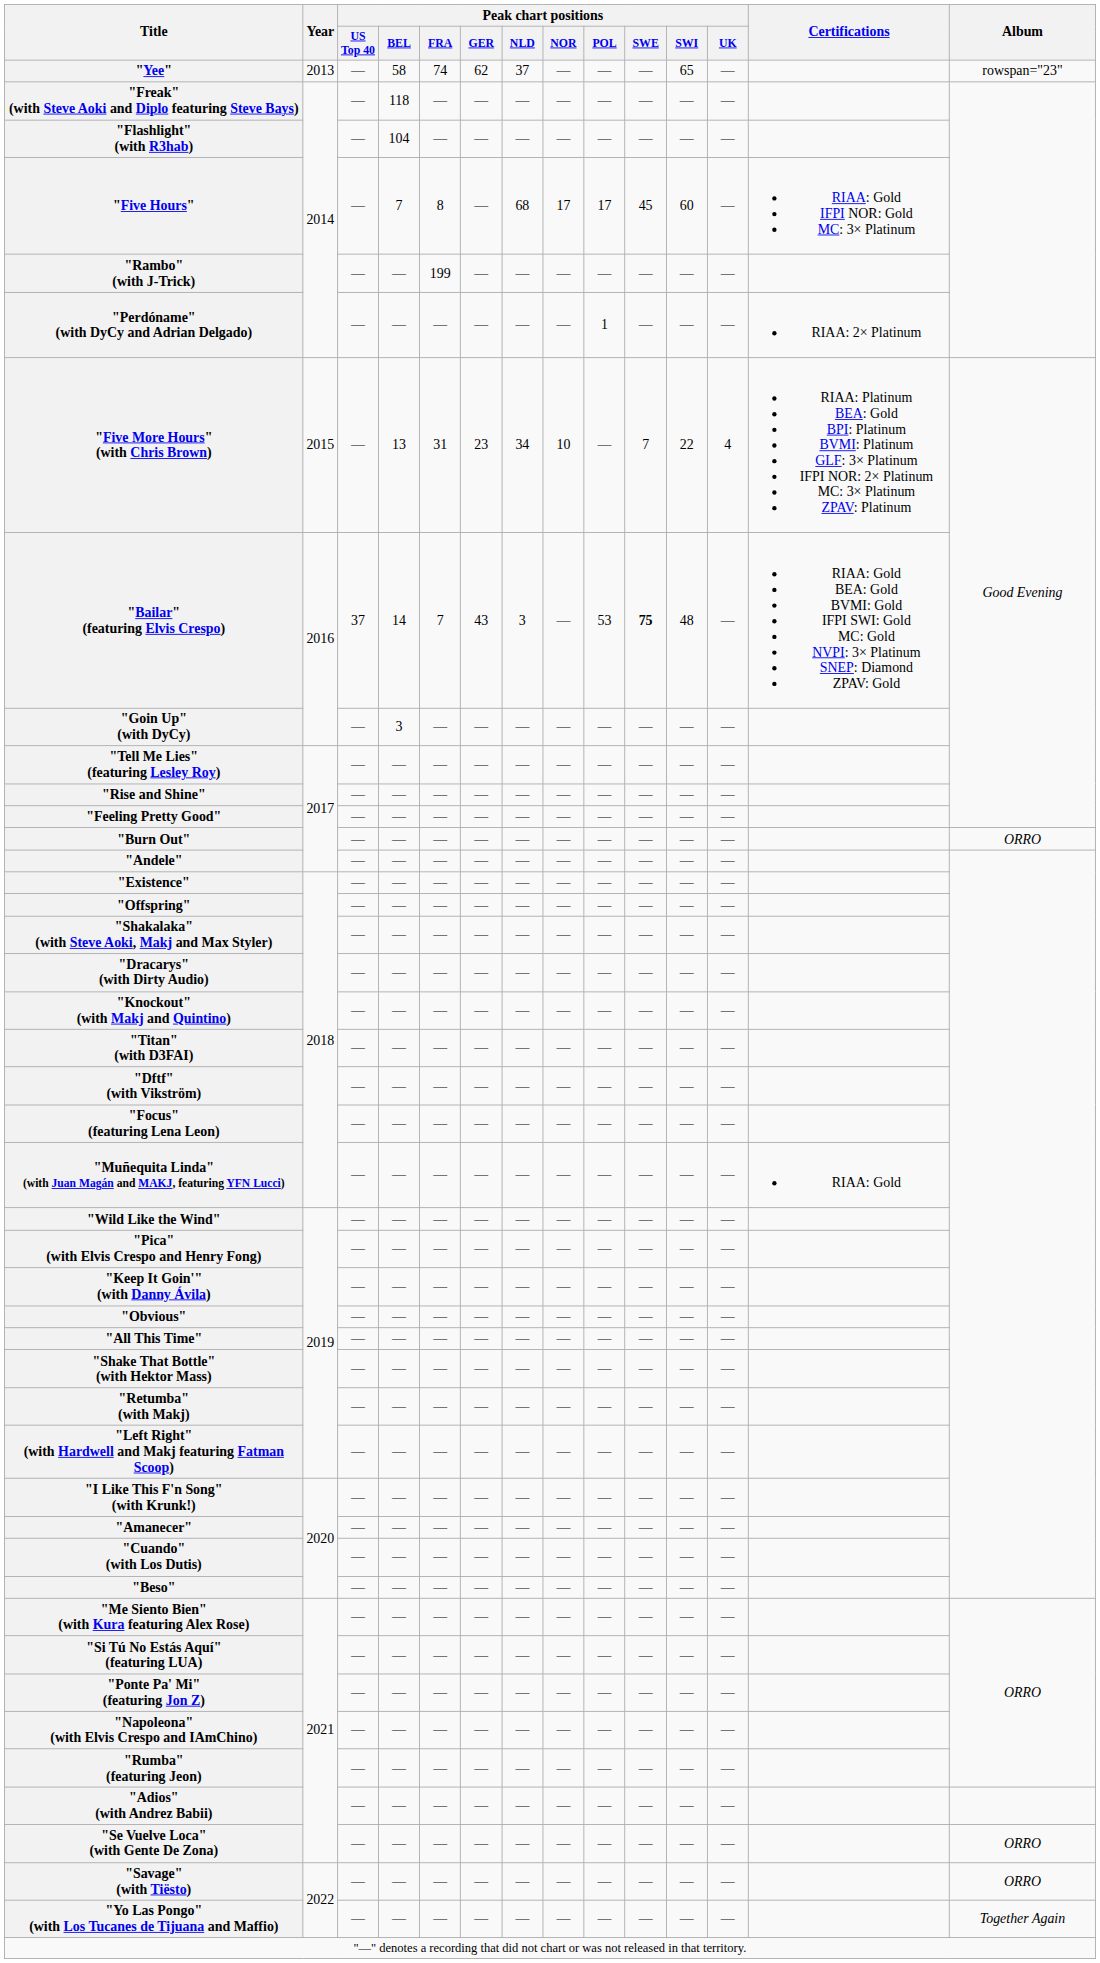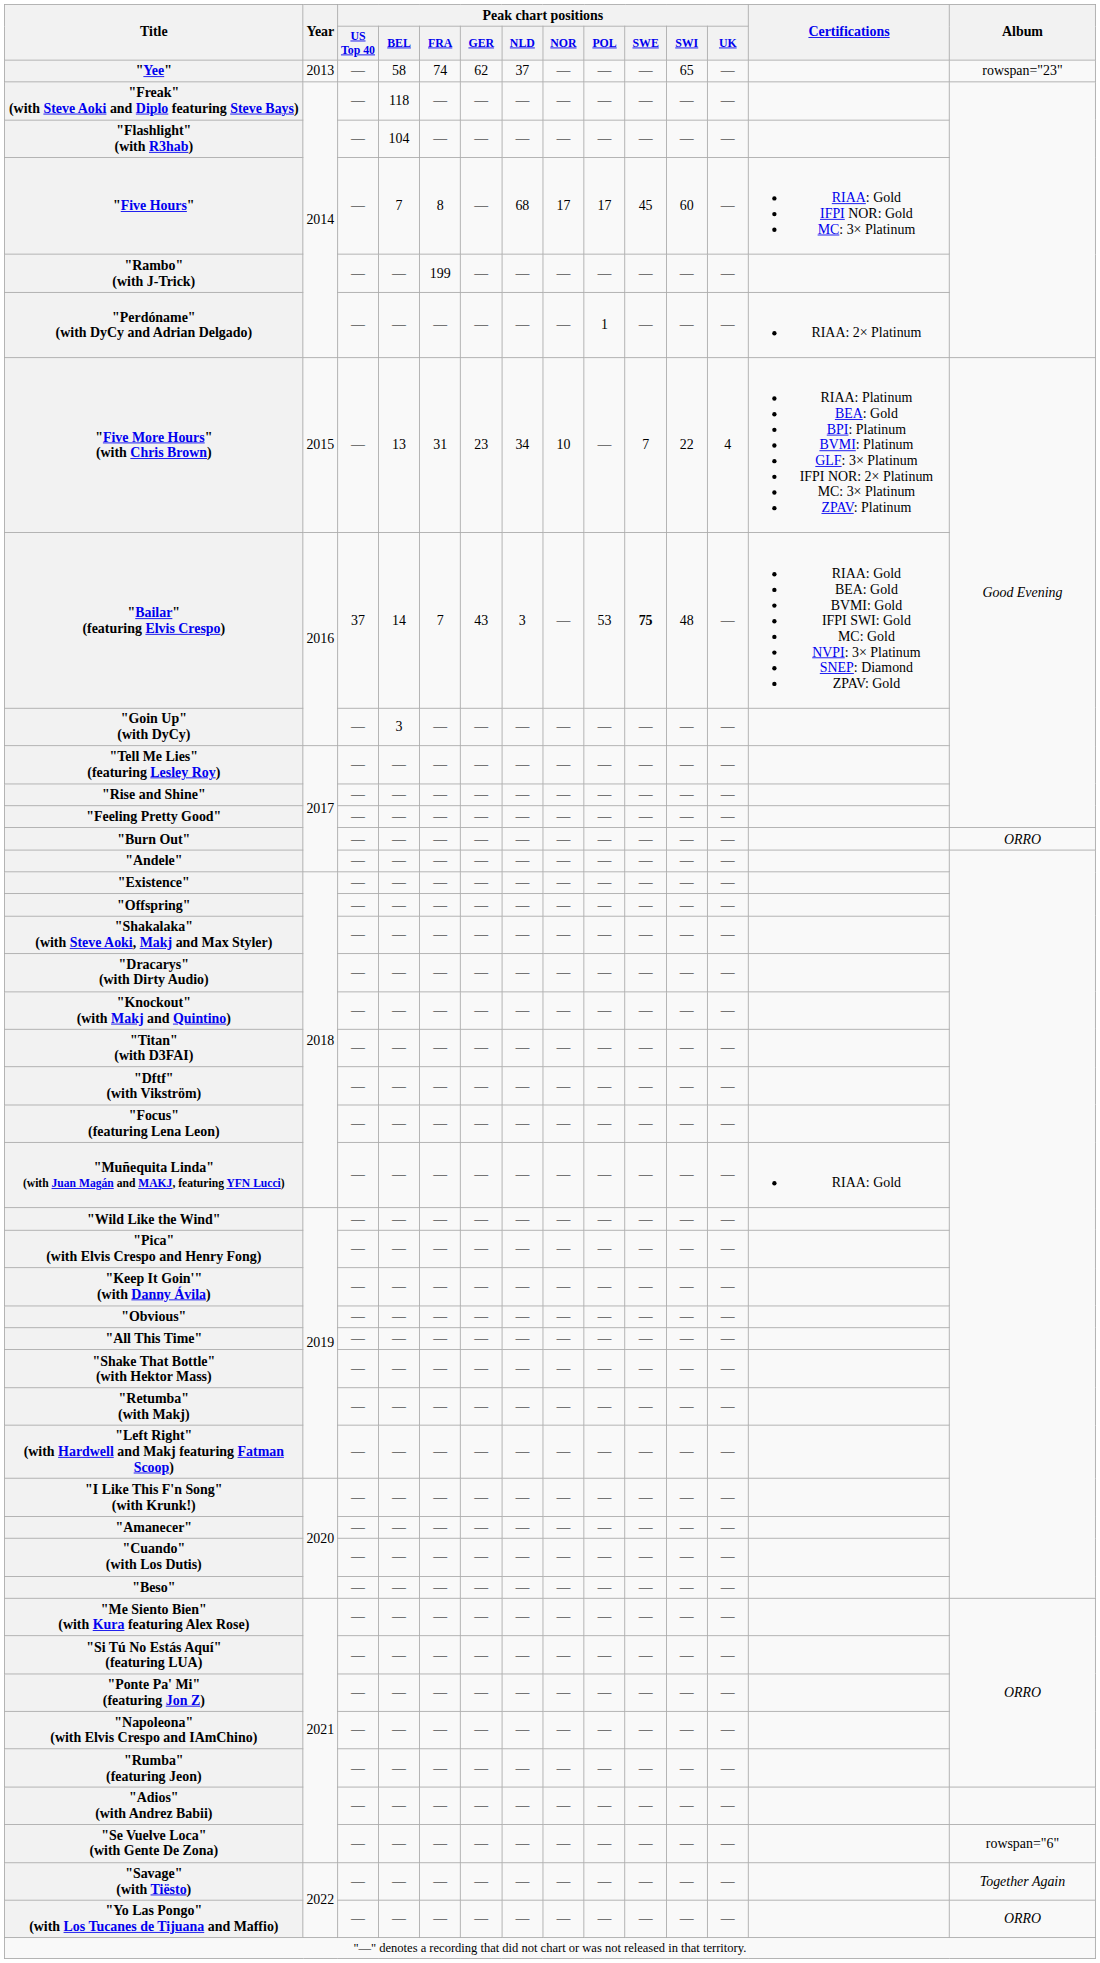 <table class="wikitable plainrowheaders" style="text-align:center;" border="1">
 <tr>
 <th scope="col" rowspan="2" style="width:21em;">Title</th>
 <th scope="col" rowspan="2" style="width:2em;">Year</th>
 <th scope="col" colspan="10">Peak chart positions</th>
 <th scope="col" rowspan="2" style="width:14em;"><a href='#'>Certifications</a></th>
 <th scope="col" rowspan="2" style="width:10em;">Album</th>
 </tr>
 <tr>
 <th scope="col" style="width:3em;font-size:85%;"><a href='#'>US<br>Top 40</a><br></th>
 <th scope="col" style="width:3em;font-size:85%;"><a href='#'>BEL</a><br></th>
 <th scope="col" style="width:3em;font-size:85%;"><a href='#'>FRA</a><br></th>
 <th scope="col" style="width:3em;font-size:85%;"><a href='#'>GER</a><br></th>
 <th scope="col" style="width:3em;font-size:85%;"><a href='#'>NLD</a><br></th>
 <th scope="col" style="width:3em;font-size:85%;"><a href='#'>NOR</a><br></th>
 <th scope="col" style="width:3em;font-size:85%;"><a href='#'>POL</a><br></th>
 <th scope="col" style="width:3em;font-size:85%;"><a href='#'>SWE</a><br></th>
 <th scope="col" style="width:3em;font-size:85%;"><a href='#'>SWI</a><br></th>
 <th scope="col" style="width:3em;font-size:85%;"><a href='#'>UK</a><br></th>
 </tr>
 <tr>
 <th scope="row">"<a href='#'>Yee</a>"</th>
 <td>2013</td>
 <td>—</td>
 <td>58</td>
 <td>74</td>
 <td>62</td>
 <td>37</td>
 <td>—</td>
 <td>—</td>
 <td>—</td>
 <td>65</td>
 <td>—</td>
 <td></td>
 <td>rowspan="23" </td>
 </tr>
 <tr>
 <th scope="row">"Freak"<br><span>(with <a href='#'>Steve Aoki</a> and <a href='#'>Diplo</a> featuring <a href='#'>Steve Bays</a>)</span></th>
 <td rowspan="5">2014</td>
 <td>—</td>
 <td>118</td>
 <td>—</td>
 <td>—</td>
 <td>—</td>
 <td>—</td>
 <td>—</td>
 <td>—</td>
 <td>—</td>
 <td>—</td>
 <td></td>
 </tr>
 <tr>
 <th scope="row">"Flashlight"<br><span>(with <a href='#'>R3hab</a>)</span></th>
 <td>—</td>
 <td>104</td>
 <td>—</td>
 <td>—</td>
 <td>—</td>
 <td>—</td>
 <td>—</td>
 <td>—</td>
 <td>—</td>
 <td>—</td>
 <td></td>
 </tr>
 <tr>
 <th scope="row">"<a href='#'>Five Hours</a>"</th>
 <td>—</td>
 <td>7</td>
 <td>8</td>
 <td>—</td>
 <td>68</td>
 <td>17</td>
 <td>17</td>
 <td>45</td>
 <td>60</td>
 <td>—</td>
 <td><br><ul><li><a href='#'>RIAA</a>: Gold</li><li><a href='#'>IFPI</a> NOR: Gold</li><li><a href='#'>MC</a>: 3× Platinum</li></ul></td>
 </tr>
 <tr>
 <th scope="row">"Rambo"<br><span>(with J-Trick)</span></th>
 <td>—</td>
 <td>—</td>
 <td>199</td>
 <td>—</td>
 <td>—</td>
 <td>—</td>
 <td>—</td>
 <td>—</td>
 <td>—</td>
 <td>—</td>
 <td></td>
 </tr>
 <tr>
 <th scope="row">"Perdóname"<br><span>(with DyCy and Adrian Delgado)</span></th>
 <td>—</td>
 <td>—</td>
 <td>—</td>
 <td>—</td>
 <td>—</td>
 <td>—</td>
 <td>1</td>
 <td>—</td>
 <td>—</td>
 <td>—</td>
 <td><br><ul><li>RIAA: 2× Platinum </li></ul></td>
 </tr>
 <tr>
 <th scope="row">"<a href='#'>Five More Hours</a>"<br><span>(with <a href='#'>Chris Brown</a>)</span></th>
 <td>2015</td>
 <td>—</td>
 <td>13</td>
 <td>31</td>
 <td>23</td>
 <td>34</td>
 <td>10</td>
 <td>—</td>
 <td>7</td>
 <td>22</td>
 <td>4</td>
 <td><br><ul><li>RIAA: Platinum</li><li><a href='#'>BEA</a>: Gold</li><li><a href='#'>BPI</a>: Platinum</li><li><a href='#'>BVMI</a>: Platinum</li><li><a href='#'>GLF</a>: 3× Platinum</li><li>IFPI NOR: 2× Platinum</li><li>MC: 3× Platinum</li><li><a href='#'>ZPAV</a>: Platinum</li></ul></td>
 <td rowspan="6"><em>Good Evening</em></td>
 </tr>
 <tr>
 <th scope="row">"<a href='#'>Bailar</a>"<br><span>(featuring <a href='#'>Elvis Crespo</a>)</span></th>
 <td rowspan="2">2016</td>
 <td>37</td>
 <td>14</td>
 <td>7</td>
 <td>43</td>
 <td>3</td>
 <td>—</td>
 <td>53</td>
 <td><strong>75</strong></td>
 <td>48</td>
 <td>—</td>
 <td><br><ul><li>RIAA: Gold</li><li>BEA: Gold</li><li>BVMI: Gold</li><li>IFPI SWI: Gold</li><li>MC: Gold</li><li><a href='#'>NVPI</a>: 3× Platinum</li><li><a href='#'>SNEP</a>: Diamond</li><li>ZPAV: Gold</li></ul></td>
 </tr>
 <tr>
 <th scope="row">"Goin Up"<br><span>(with DyCy)</span></th>
 <td>—</td>
 <td>3</td>
 <td>—</td>
 <td>—</td>
 <td>—</td>
 <td>—</td>
 <td>—</td>
 <td>—</td>
 <td>—</td>
 <td>—</td>
 <td></td>
 </tr>
 <tr>
 <th scope="row">"Tell Me Lies"<br><span>(featuring <a href='#'>Lesley Roy</a>)</span></th>
 <td rowspan="5">2017</td>
 <td>—</td>
 <td>—</td>
 <td>—</td>
 <td>—</td>
 <td>—</td>
 <td>—</td>
 <td>—</td>
 <td>—</td>
 <td>—</td>
 <td>—</td>
 <td></td>
 </tr>
 <tr>
 <th scope="row">"Rise and Shine"</th>
 <td>—</td>
 <td>—</td>
 <td>—</td>
 <td>—</td>
 <td>—</td>
 <td>—</td>
 <td>—</td>
 <td>—</td>
 <td>—</td>
 <td>—</td>
 <td></td>
 </tr>
 <tr>
 <th scope="row">"Feeling Pretty Good"</th>
 <td>—</td>
 <td>—</td>
 <td>—</td>
 <td>—</td>
 <td>—</td>
 <td>—</td>
 <td>—</td>
 <td>—</td>
 <td>—</td>
 <td>—</td>
 <td></td>
 </tr>
 <tr>
 <th scope="row">"Burn Out"</th>
 <td>—</td>
 <td>—</td>
 <td>—</td>
 <td>—</td>
 <td>—</td>
 <td>—</td>
 <td>—</td>
 <td>—</td>
 <td>—</td>
 <td>—</td>
 <td></td>
 <td><em>ORRO</em></td>
 </tr>
 <tr>
 <th scope="row">"Andele"</th>
 <td>—</td>
 <td>—</td>
 <td>—</td>
 <td>—</td>
 <td>—</td>
 <td>—</td>
 <td>—</td>
 <td>—</td>
 <td>—</td>
 <td>—</td>
 <td></td>
 </tr>
 <tr>
 <th scope="row">"Existence"</th>
 <td rowspan="9">2018</td>
 <td>—</td>
 <td>—</td>
 <td>—</td>
 <td>—</td>
 <td>—</td>
 <td>—</td>
 <td>—</td>
 <td>—</td>
 <td>—</td>
 <td>—</td>
 <td></td>
 </tr>
 <tr>
 <th scope="row">"Offspring"</th>
 <td>—</td>
 <td>—</td>
 <td>—</td>
 <td>—</td>
 <td>—</td>
 <td>—</td>
 <td>—</td>
 <td>—</td>
 <td>—</td>
 <td>—</td>
 <td></td>
 </tr>
 <tr>
 <th scope="row">"Shakalaka" <br><span>(with <a href='#'>Steve Aoki</a>, <a href='#'>Makj</a> and Max Styler)</span></th>
 <td>—</td>
 <td>—</td>
 <td>—</td>
 <td>—</td>
 <td>—</td>
 <td>—</td>
 <td>—</td>
 <td>—</td>
 <td>—</td>
 <td>—</td>
 <td></td>
 </tr>
 <tr>
 <th scope="row">"Dracarys" <br><span>(with Dirty Audio)</span></th>
 <td>—</td>
 <td>—</td>
 <td>—</td>
 <td>—</td>
 <td>—</td>
 <td>—</td>
 <td>—</td>
 <td>—</td>
 <td>—</td>
 <td>—</td>
 <td></td>
 </tr>
 <tr>
 <th scope="row">"Knockout" <br><span>(with <a href='#'>Makj</a> and <a href='#'>Quintino</a>)</span></th>
 <td>—</td>
 <td>—</td>
 <td>—</td>
 <td>—</td>
 <td>—</td>
 <td>—</td>
 <td>—</td>
 <td>—</td>
 <td>—</td>
 <td>—</td>
 <td></td>
 </tr>
 <tr>
 <th scope="row">"Titan" <br><span>(with D3FAI)</span></th>
 <td>—</td>
 <td>—</td>
 <td>—</td>
 <td>—</td>
 <td>—</td>
 <td>—</td>
 <td>—</td>
 <td>—</td>
 <td>—</td>
 <td>—</td>
 <td></td>
 </tr>
 <tr>
 <th scope="row">"Dftf" <br><span>(with Vikström)</span></th>
 <td>—</td>
 <td>—</td>
 <td>—</td>
 <td>—</td>
 <td>—</td>
 <td>—</td>
 <td>—</td>
 <td>—</td>
 <td>—</td>
 <td>—</td>
 <td></td>
 </tr>
 <tr>
 <th scope="row">"Focus" <br><span>(featuring Lena Leon)</span></th>
 <td>—</td>
 <td>—</td>
 <td>—</td>
 <td>—</td>
 <td>—</td>
 <td>—</td>
 <td>—</td>
 <td>—</td>
 <td>—</td>
 <td>—</td>
 <td></td>
 </tr>
 <tr>
 <th scope="row">"Muñequita Linda"<br><small>(with <a href='#'>Juan Magán</a> and <a href='#'>MAKJ</a>, featuring <a href='#'>YFN Lucci</a>)</small></th>
 <td>—</td>
 <td>—</td>
 <td>—</td>
 <td>—</td>
 <td>—</td>
 <td>—</td>
 <td>—</td>
 <td>—</td>
 <td>—</td>
 <td>—</td>
 <td><br><ul><li>RIAA: Gold </li></ul></td>
 </tr>
 <tr>
 <th scope="row">"Wild Like the Wind"</th>
 <td rowspan="8">2019</td>
 <td>—</td>
 <td>—</td>
 <td>—</td>
 <td>—</td>
 <td>—</td>
 <td>—</td>
 <td>—</td>
 <td>—</td>
 <td>—</td>
 <td>—</td>
 <td></td>
 </tr>
 <tr>
 <th scope="row">"Pica" <br><span>(with Elvis Crespo and Henry Fong)</span></th>
 <td>—</td>
 <td>—</td>
 <td>—</td>
 <td>—</td>
 <td>—</td>
 <td>—</td>
 <td>—</td>
 <td>—</td>
 <td>—</td>
 <td>—</td>
 <td></td>
 </tr>
 <tr>
 <th scope="row">"Keep It Goin'" <br><span>(with <a href='#'>Danny Ávila</a>)</span></th>
 <td>—</td>
 <td>—</td>
 <td>—</td>
 <td>—</td>
 <td>—</td>
 <td>—</td>
 <td>—</td>
 <td>—</td>
 <td>—</td>
 <td>—</td>
 <td></td>
 </tr>
 <tr>
 <th scope="row">"Obvious"</th>
 <td>—</td>
 <td>—</td>
 <td>—</td>
 <td>—</td>
 <td>—</td>
 <td>—</td>
 <td>—</td>
 <td>—</td>
 <td>—</td>
 <td>—</td>
 <td></td>
 </tr>
 <tr>
 <th scope="row">"All This Time"</th>
 <td>—</td>
 <td>—</td>
 <td>—</td>
 <td>—</td>
 <td>—</td>
 <td>—</td>
 <td>—</td>
 <td>—</td>
 <td>—</td>
 <td>—</td>
 <td></td>
 </tr>
 <tr>
 <th scope="row">"Shake That Bottle" <br><span>(with Hektor Mass)</span></th>
 <td>—</td>
 <td>—</td>
 <td>—</td>
 <td>—</td>
 <td>—</td>
 <td>—</td>
 <td>—</td>
 <td>—</td>
 <td>—</td>
 <td>—</td>
 <td></td>
 </tr>
 <tr>
 <th scope="row">"Retumba" <br><span>(with Makj)</span></th>
 <td>—</td>
 <td>—</td>
 <td>—</td>
 <td>—</td>
 <td>—</td>
 <td>—</td>
 <td>—</td>
 <td>—</td>
 <td>—</td>
 <td>—</td>
 <td></td>
 </tr>
 <tr>
 <th scope="row">"Left Right" <br><span>(with <a href='#'>Hardwell</a> and Makj featuring <a href='#'>Fatman Scoop</a>)</span></th>
 <td>—</td>
 <td>—</td>
 <td>—</td>
 <td>—</td>
 <td>—</td>
 <td>—</td>
 <td>—</td>
 <td>—</td>
 <td>—</td>
 <td>—</td>
 <td></td>
 </tr>
 <tr>
 <th scope="row">"I Like This F'n Song" <br><span>(with Krunk!)</span></th>
 <td rowspan="4">2020</td>
 <td>—</td>
 <td>—</td>
 <td>—</td>
 <td>—</td>
 <td>—</td>
 <td>—</td>
 <td>—</td>
 <td>—</td>
 <td>—</td>
 <td>—</td>
 <td></td>
 </tr>
 <tr>
 <th scope="row">"Amanecer"</th>
 <td>—</td>
 <td>—</td>
 <td>—</td>
 <td>—</td>
 <td>—</td>
 <td>—</td>
 <td>—</td>
 <td>—</td>
 <td>—</td>
 <td>—</td>
 <td></td>
 </tr>
 <tr>
 <th scope="row">"Cuando"<br><span>(with Los Dutis)</span></th>
 <td>—</td>
 <td>—</td>
 <td>—</td>
 <td>—</td>
 <td>—</td>
 <td>—</td>
 <td>—</td>
 <td>—</td>
 <td>—</td>
 <td>—</td>
 <td></td>
 </tr>
 <tr>
 <th scope="row">"Beso"</th>
 <td>—</td>
 <td>—</td>
 <td>—</td>
 <td>—</td>
 <td>—</td>
 <td>—</td>
 <td>—</td>
 <td>—</td>
 <td>—</td>
 <td>—</td>
 <td></td>
 </tr>
 <tr>
 <th scope="row">"Me Siento Bien" <br><span>(with <a href='#'>Kura</a> featuring Alex Rose)</span></th>
 <td rowspan="7">2021</td>
 <td>—</td>
 <td>—</td>
 <td>—</td>
 <td>—</td>
 <td>—</td>
 <td>—</td>
 <td>—</td>
 <td>—</td>
 <td>—</td>
 <td>—</td>
 <td></td>
 <td rowspan="5"><em>ORRO</em></td>
 </tr>
 <tr>
 <th scope="row">"Si Tú No Estás Aquí" <br><span>(featuring LUA)</span></th>
 <td>—</td>
 <td>—</td>
 <td>—</td>
 <td>—</td>
 <td>—</td>
 <td>—</td>
 <td>—</td>
 <td>—</td>
 <td>—</td>
 <td>—</td>
 <td></td>
 </tr>
 <tr>
 <th scope="row">"Ponte Pa' Mi" <br><span>(featuring <a href='#'>Jon Z</a>)</span></th>
 <td>—</td>
 <td>—</td>
 <td>—</td>
 <td>—</td>
 <td>—</td>
 <td>—</td>
 <td>—</td>
 <td>—</td>
 <td>—</td>
 <td>—</td>
 <td></td>
 </tr>
 <tr>
 <th scope="row">"Napoleona" <br><span>(with Elvis Crespo and IAmChino)</span></th>
 <td>—</td>
 <td>—</td>
 <td>—</td>
 <td>—</td>
 <td>—</td>
 <td>—</td>
 <td>—</td>
 <td>—</td>
 <td>—</td>
 <td>—</td>
 <td></td>
 </tr>
 <tr>
 <th scope="row">"Rumba" <br><span>(featuring Jeon)</span></th>
 <td>—</td>
 <td>—</td>
 <td>—</td>
 <td>—</td>
 <td>—</td>
 <td>—</td>
 <td>—</td>
 <td>—</td>
 <td>—</td>
 <td>—</td>
 <td></td>
 </tr>
 <tr>
 <th scope="row">"Adios" <br><span>(with Andrez Babii)</span></th>
 <td>—</td>
 <td>—</td>
 <td>—</td>
 <td>—</td>
 <td>—</td>
 <td>—</td>
 <td>—</td>
 <td>—</td>
 <td>—</td>
 <td>—</td>
 <td></td>
 <td></td>
 </tr>
 <tr>
 <th scope="row">"Se Vuelve Loca" <br><span>(with Gente De Zona)</span></th>
 <td>—</td>
 <td>—</td>
 <td>—</td>
 <td>—</td>
 <td>—</td>
 <td>—</td>
 <td>—</td>
 <td>—</td>
 <td>—</td>
 <td>—</td>
 <td></td>
-<td><em>ORRO</em></td>
+<td>rowspan="6" </td>
 </tr>
 <tr>
 <th scope="row">"Savage" <br><span>(with <a href='#'>Tiësto</a>)</span></th>
 <td rowspan="2">2022</td>
 <td>—</td>
 <td>—</td>
 <td>—</td>
 <td>—</td>
 <td>—</td>
 <td>—</td>
 <td>—</td>
 <td>—</td>
 <td>—</td>
 <td>—</td>
 <td></td>
-<td><em>ORRO</em></td>
+<td><em>Together Again</em></td>
 </tr>
 <tr>
 <th scope="row">"Yo Las Pongo" <br><span>(with <a href='#'>Los Tucanes de Tijuana</a> and Maffio)</span></th>
 <td>—</td>
 <td>—</td>
 <td>—</td>
 <td>—</td>
 <td>—</td>
 <td>—</td>
 <td>—</td>
 <td>—</td>
 <td>—</td>
 <td>—</td>
 <td></td>
-<td><em>Together Again</em></td>
+<td><em>ORRO</em></td>
 </tr>
 <tr>
 <td colspan="16" style="font-size:90%">"—" denotes a recording that did not chart or was not released in that territory.</td>
 </tr>
 </table>
